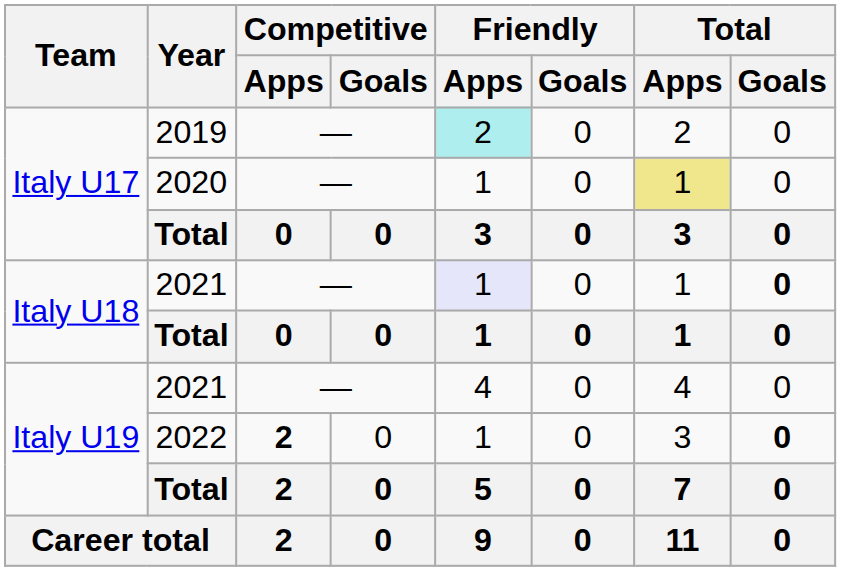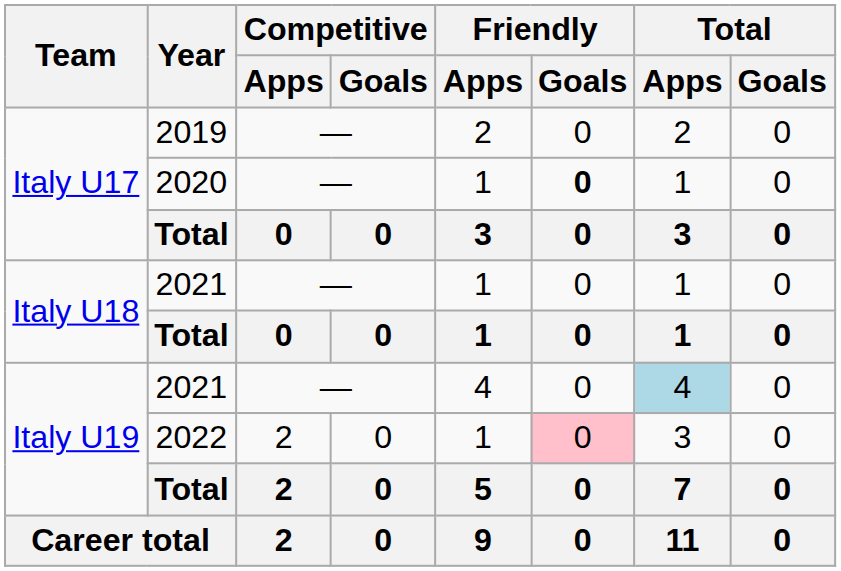 <table class="wikitable" style="text-align:center">
 <tr>
 <th rowspan=2>Team</th>
 <th rowspan=2>Year</th>
 <th colspan=2>Competitive</th>
 <th colspan=2>Friendly</th>
 <th colspan=2>Total</th>
 </tr>
 <tr>
 <th>Apps</th>
 <th>Goals</th>
 <th>Apps</th>
 <th>Goals</th>
 <th>Apps</th>
 <th>Goals</th>
 </tr>
 <tr>
 <td rowspan="3"><a href='#'>Italy U17</a></td>
 <td>2019</td>
 <td colspan="2">—</td>
-<td style="background: paleturquoise;">2</td>
+<td>2</td>
 <td>0</td>
 <td>2</td>
 <td>0</td>
 </tr>
 <tr>
 <td>2020</td>
 <td colspan="2">—</td>
 <td>1</td>
-<td>0</td>
-<td style="background: khaki;">1</td>
+<td><strong>0</strong></td>
+<td>1</td>
 <td>0</td>
 </tr>
 <tr>
 <th>Total</th>
 <th>0</th>
 <th>0</th>
 <th>3</th>
 <th>0</th>
 <th>3</th>
 <th>0</th>
 </tr>
 <tr>
 <td rowspan="2"><a href='#'>Italy U18</a></td>
 <td>2021</td>
 <td colspan="2">—</td>
-<td style="background: lavender;">1</td>
+<td>1</td>
 <td>0</td>
 <td>1</td>
-<td><strong>0</strong></td>
+<td>0</td>
 </tr>
 <tr>
 <th>Total</th>
 <th>0</th>
 <th>0</th>
 <th>1</th>
 <th>0</th>
 <th>1</th>
 <th>0</th>
 </tr>
 <tr>
 <td rowspan="3"><a href='#'>Italy U19</a></td>
 <td>2021</td>
 <td colspan="2">—</td>
 <td>4</td>
 <td>0</td>
-<td>4</td>
+<td style="background: lightblue;">4</td>
 <td>0</td>
 </tr>
 <tr>
 <td>2022</td>
-<td><strong>2</strong></td>
+<td>2</td>
 <td>0</td>
 <td>1</td>
+<td style="background: pink;">0</td>
+<td>3</td>
 <td>0</td>
-<td>3</td>
-<td><strong>0</strong></td>
 </tr>
 <tr>
 <th>Total</th>
 <th>2</th>
 <th>0</th>
 <th>5</th>
 <th>0</th>
 <th>7</th>
 <th>0</th>
 </tr>
 <tr>
 <th colspan="2">Career total</th>
 <th>2</th>
 <th>0</th>
 <th>9</th>
 <th>0</th>
 <th>11</th>
 <th>0</th>
 </tr>
 </table>
